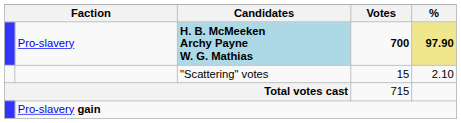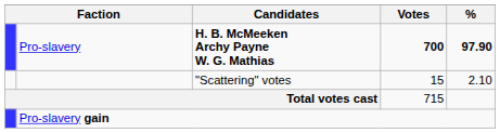 <table class="wikitable plainrowheaders" style="text-align:center;">
 <tr>
 </tr>
 <tr>
 <th scope="col" colspan="2" style="width: 15em">Faction</th>
 <th scope="col" style="width: 15em">Candidates</th>
 <th scope="col" style="width: 5em">Votes</th>
 <th scope="col" style="width: 3.5em">%</th>
 </tr>
 <tr>
 <td style="width: 0.5em; background-color:#3333FF"></td>
 <td style="text-align: left"><a href='#'>Pro-slavery</a></td>
-<td style="background: lightblue; text-align: left"><strong>H. B. McMeeken</strong><br><strong>Archy Payne</strong><br><strong>W. G. Mathias</strong></td>
+<td style="text-align: left"><strong>H. B. McMeeken</strong><br><strong>Archy Payne</strong><br><strong>W. G. Mathias</strong></td>
 <td style="text-align: right; margin-right: 0.5em"><strong>700</strong></td>
-<td style="background: khaki; text-align: right; margin-right: 0.5em"><strong>97.90</strong></td>
+<td style="text-align: right; margin-right: 0.5em"><strong>97.90</strong></td>
 </tr>
 <tr>
 <td style="width: 0.5em"></td>
 <td style="text-align: left"></td>
 <td style="text-align: left">"Scattering" votes</td>
 <td style="text-align: right; margin-right: 0.5em">15</td>
 <td style="text-align: right; margin-right: 0.5em">2.10</td>
 </tr>
 <tr>
 <th colspan="3" style="text-align:right;">Total votes cast</th>
 <td style="text-align:right;">715</td>
 <td style="text-align:right;"></td>
 </tr>
 <tr>
 <td style="width: 0.5em; background-color:#3333FF"></td>
 <td colspan="4" style="text-align:left;"><a href='#'>Pro-slavery</a> <strong>gain</strong></td>
 </tr>
 </table>
